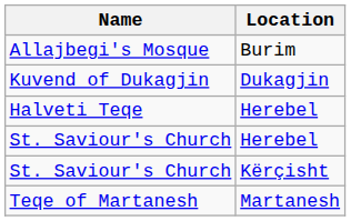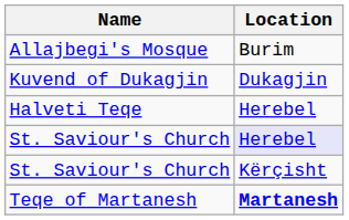 <table class="wikitable">
 <tr>
 <th>Name</th>
 <th>Location</th>
 </tr>
 <tr>
 <td><a href='#'>Allajbegi's Mosque</a></td>
 <td>Burim</td>
 </tr>
 <tr>
 <td><a href='#'>Kuvend of Dukagjin</a></td>
 <td><a href='#'>Dukagjin</a></td>
 </tr>
 <tr>
 <td><a href='#'>Halveti Teqe</a></td>
 <td><a href='#'>Herebel</a></td>
 </tr>
 <tr>
 <td><a href='#'>St. Saviour's Church</a></td>
-<td><a href='#'>Herebel</a></td>
+<td style="background: lavender;"><a href='#'>Herebel</a></td>
 </tr>
 <tr>
 <td><a href='#'>St. Saviour's Church</a></td>
 <td><a href='#'>Kërçisht</a></td>
 </tr>
 <tr>
 <td><a href='#'>Teqe of Martanesh</a></td>
-<td><a href='#'>Martanesh</a></td>
+<td><strong><a href='#'>Martanesh</a></strong></td>
 </tr>
 </table>
